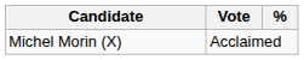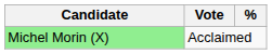 <table class="wikitable">
 <tr>
 <th bgcolor="#DDDDFF" width="200px">Candidate</th>
 <th bgcolor="#DDDDFF" width="50px">Vote</th>
 <th bgcolor="#DDDDFF" width="30px">%</th>
 </tr>
 <tr>
-<td>Michel Morin (X)</td>
+<td style="background: lightgreen;">Michel Morin (X)</td>
 <td colspan="2">Acclaimed</td>
 </tr>
 </table>
